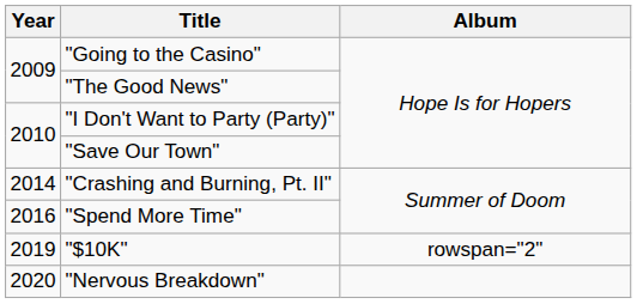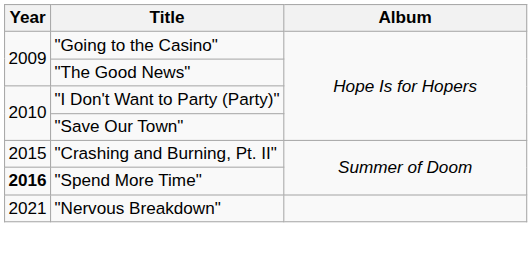 <table class="wikitable" style="text-align:center;">
 <tr>
 <th scope="col">Year</th>
 <th scope="col">Title</th>
 <th scope="col" width="220">Album</th>
 </tr>
 <tr>
 <td rowspan="2">2009</td>
 <td align="left">"Going to the Casino"</td>
 <td rowspan="4"><em>Hope Is for Hopers</em></td>
 </tr>
 <tr>
 <td align="left">"The Good News"</td>
 </tr>
 <tr>
 <td rowspan="2">2010</td>
 <td align="left">"I Don't Want to Party (Party)"</td>
 </tr>
 <tr>
 <td align="left">"Save Our Town"</td>
 </tr>
 <tr>
-<td>2014</td>
+<td>2015</td>
 <td align="left">"Crashing and Burning, Pt. II"</td>
 <td rowspan="2"><em>Summer of Doom</em></td>
 </tr>
 <tr>
-<td>2016</td>
+<td><strong>2016</strong></td>
 <td align="left">"Spend More Time"</td>
 </tr>
 <tr>
-<td>2019</td>
-<td align="left">"$10K"</td>
-<td>rowspan="2" </td>
-</tr>
-<tr>
-<td>2020</td>
+<td>2021</td>
 <td align="left">"Nervous Breakdown"</td>
 </tr>
 </table>
